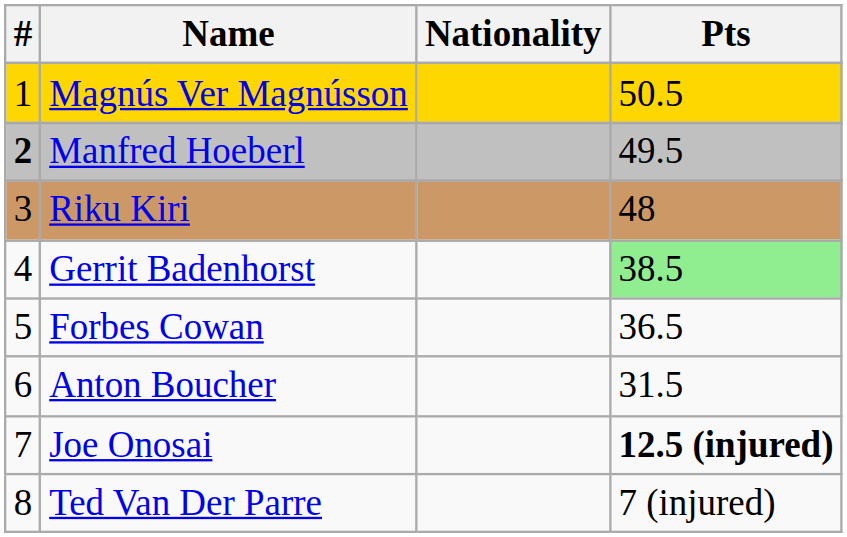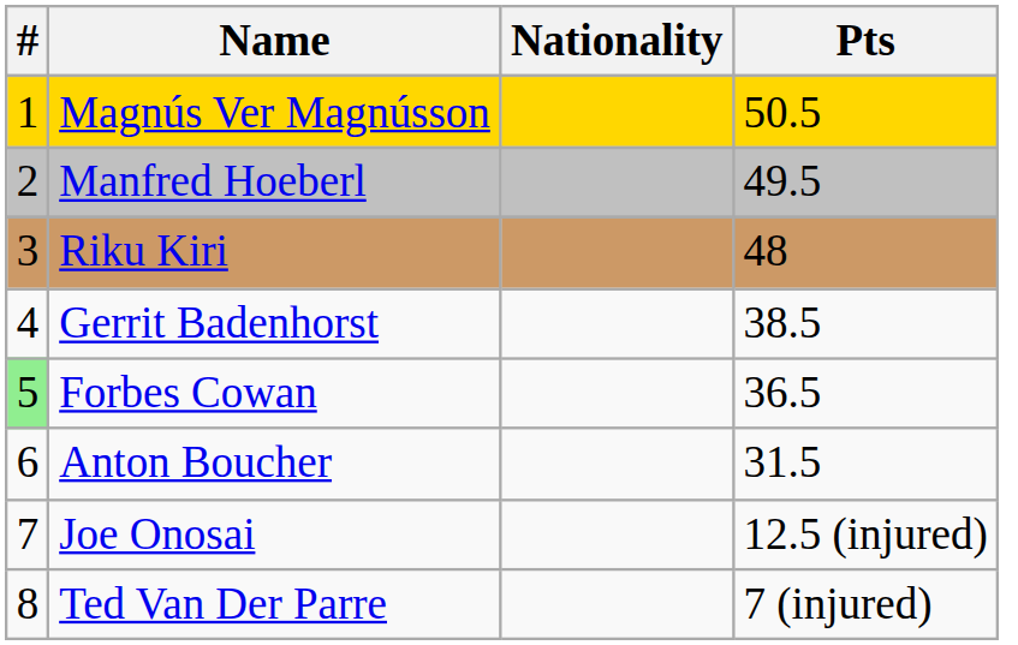 <table class="wikitable">
 <tr>
 <th>#</th>
 <th>Name</th>
 <th>Nationality</th>
 <th>Pts</th>
 </tr>
 <tr>
 </tr>
 <tr style="background:gold;">
 <td>1</td>
 <td><a href='#'>Magnús Ver Magnússon</a></td>
 <td></td>
 <td>50.5</td>
 </tr>
 <tr>
 </tr>
 <tr style="background:silver;">
-<td><strong>2</strong></td>
+<td>2</td>
 <td><a href='#'>Manfred Hoeberl</a></td>
 <td></td>
 <td>49.5</td>
 </tr>
 <tr>
 </tr>
 <tr style="background:#c96;">
 <td>3</td>
 <td><a href='#'>Riku Kiri</a></td>
 <td></td>
 <td>48</td>
 </tr>
 <tr>
 <td>4</td>
 <td><a href='#'>Gerrit Badenhorst</a></td>
 <td></td>
-<td style="background: lightgreen;">38.5</td>
+<td>38.5</td>
 </tr>
 <tr>
-<td>5</td>
+<td style="background: lightgreen;">5</td>
 <td><a href='#'>Forbes Cowan</a></td>
 <td></td>
 <td>36.5</td>
 </tr>
 <tr>
 <td>6</td>
 <td><a href='#'>Anton Boucher</a></td>
 <td></td>
 <td>31.5</td>
 </tr>
 <tr>
 <td>7</td>
 <td><a href='#'>Joe Onosai</a></td>
 <td></td>
-<td><strong>12.5 (injured)</strong></td>
+<td>12.5 (injured)</td>
 </tr>
 <tr>
 <td>8</td>
 <td><a href='#'>Ted Van Der Parre</a></td>
 <td></td>
 <td>7 (injured)</td>
 </tr>
 </table>
